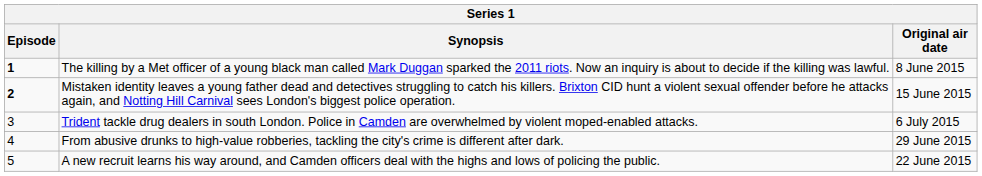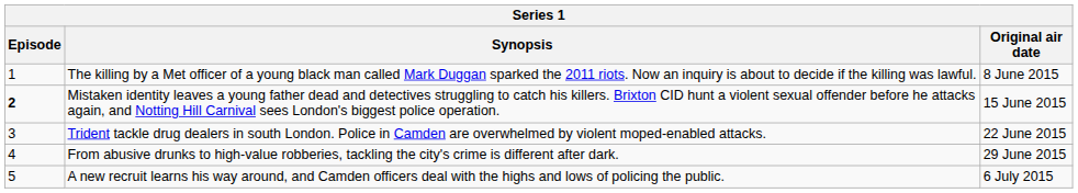 <table class="wikitable">
 <tr>
 <th colspan="3">Series 1</th>
 </tr>
 <tr>
 <th>Episode</th>
 <th>Synopsis</th>
 <th>Original air date</th>
 </tr>
 <tr>
-<td><strong>1</strong></td>
+<td>1</td>
 <td>The killing by a Met officer of a young black man called <a href='#'>Mark Duggan</a> sparked the <a href='#'>2011 riots</a>. Now an inquiry is about to decide if the killing was lawful.</td>
 <td>8 June 2015</td>
 </tr>
 <tr>
 <td><strong>2</strong></td>
 <td>Mistaken identity leaves a young father dead and detectives struggling to catch his killers. <a href='#'>Brixton</a> CID hunt a violent sexual offender before he attacks again, and <a href='#'>Notting Hill Carnival</a> sees London's biggest police operation.</td>
 <td>15 June 2015</td>
 </tr>
 <tr>
 <td>3</td>
 <td><a href='#'>Trident</a> tackle drug dealers in south London. Police in <a href='#'>Camden</a> are overwhelmed by violent moped-enabled attacks.</td>
-<td>6 July 2015</td>
+<td>22 June 2015</td>
 </tr>
 <tr>
 <td>4</td>
 <td>From abusive drunks to high-value robberies, tackling the city's crime is different after dark.</td>
 <td>29 June 2015</td>
 </tr>
 <tr>
 <td>5</td>
 <td>A new recruit learns his way around, and Camden officers deal with the highs and lows of policing the public.</td>
-<td>22 June 2015</td>
+<td>6 July 2015</td>
 </tr>
 </table>
